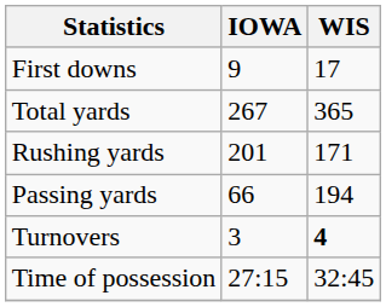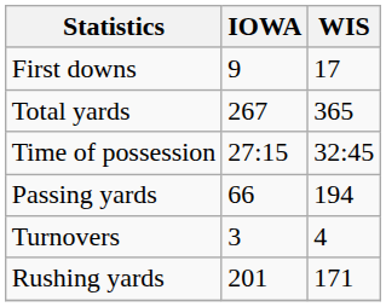 <table class="wikitable">
 <tr>
 <th>Statistics</th>
 <th>IOWA</th>
 <th>WIS</th>
 </tr>
 <tr>
 <td>First downs</td>
 <td>9</td>
 <td>17</td>
 </tr>
 <tr>
 <td>Total yards</td>
 <td>267</td>
 <td>365</td>
 </tr>
 <tr>
-<td>Rushing yards</td>
-<td>201</td>
-<td>171</td>
+<td>Time of possession</td>
+<td>27:15</td>
+<td>32:45</td>
 </tr>
 <tr>
 <td>Passing yards</td>
 <td>66</td>
 <td>194</td>
 </tr>
 <tr>
 <td>Turnovers</td>
 <td>3</td>
-<td><strong>4</strong></td>
+<td>4</td>
 </tr>
 <tr>
-<td>Time of possession</td>
-<td>27:15</td>
-<td>32:45</td>
+<td>Rushing yards</td>
+<td>201</td>
+<td>171</td>
 </tr>
 <tr>
 </tr>
 </table>
